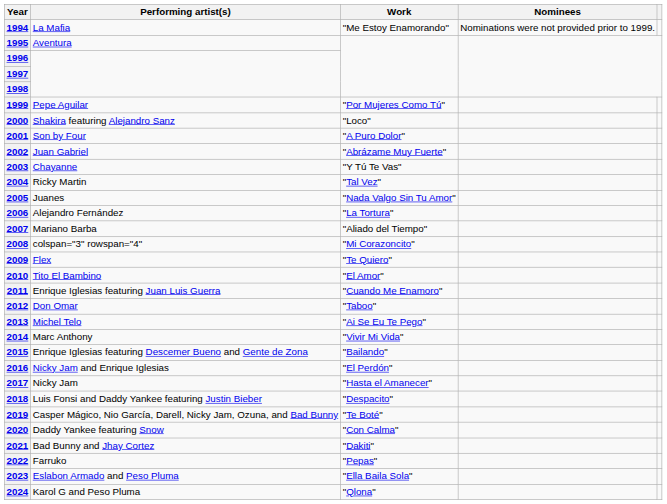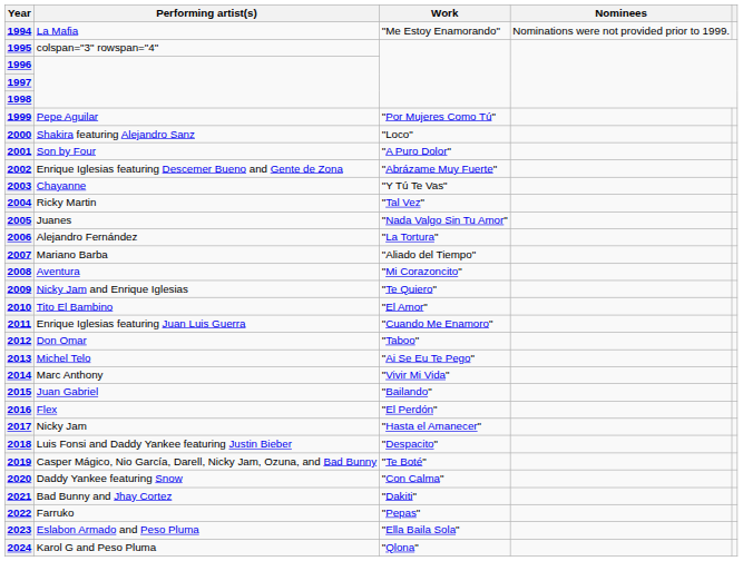 <table class="wikitable">
 <tr>
 <th>Year</th>
 <th>Performing artist(s)</th>
 <th>Work</th>
 <th>Nominees</th>
 <th></th>
 </tr>
 <tr>
 <th scope="row"><a href='#'>1994</a></th>
 <td><a href='#'>La Mafia</a></td>
 <td>"Me Estoy Enamorando"</td>
 <td>Nominations were not provided prior to 1999.</td>
 <td></td>
 </tr>
 <tr>
 <th scope="row"><a href='#'>1995</a></th>
-<td><a href='#'>Aventura</a></td>
+<td>colspan="3" rowspan="4" </td>
 <td rowspan="4"><br><br></td>
 </tr>
 <tr>
 <th scope="row"><a href='#'>1996</a></th>
 </tr>
 <tr>
 <th scope="row"><a href='#'>1997</a></th>
 </tr>
 <tr>
 <th scope="row"><a href='#'>1998</a></th>
 </tr>
 <tr>
 <th scope="row"><a href='#'>1999</a></th>
 <td><a href='#'>Pepe Aguilar</a></td>
 <td>"<a href='#'>Por Mujeres Como Tú</a>"</td>
 <td></td>
 <td></td>
 </tr>
 <tr>
 <th scope="row"><a href='#'>2000</a></th>
 <td><a href='#'>Shakira</a> featuring <a href='#'>Alejandro Sanz</a></td>
 <td>"Loco"</td>
 <td></td>
 <td></td>
 </tr>
 <tr>
 <th scope="row"><a href='#'>2001</a></th>
 <td><a href='#'>Son by Four</a></td>
 <td>"<a href='#'>A Puro Dolor</a>"</td>
 <td></td>
 <td></td>
 </tr>
 <tr>
 <th scope="row"><a href='#'>2002</a></th>
-<td><a href='#'>Juan Gabriel</a></td>
+<td>Enrique Iglesias featuring <a href='#'>Descemer Bueno</a> and <a href='#'>Gente de Zona</a></td>
 <td>"<a href='#'>Abrázame Muy Fuerte</a>"</td>
 <td></td>
 <td></td>
 </tr>
 <tr>
 <th scope="row"><a href='#'>2003</a></th>
 <td><a href='#'>Chayanne</a></td>
 <td>"Y Tú Te Vas"</td>
 <td></td>
 <td><br></td>
 </tr>
 <tr>
 <th scope="row"><a href='#'>2004</a></th>
 <td>Ricky Martin</td>
 <td>"<a href='#'>Tal Vez</a>"</td>
 <td></td>
 <td><br></td>
 </tr>
 <tr>
 <th scope="row"><a href='#'>2005</a></th>
 <td>Juanes</td>
 <td>"<a href='#'>Nada Valgo Sin Tu Amor</a>"</td>
 <td></td>
 <td><br></td>
 </tr>
 <tr>
 <th scope="row"><a href='#'>2006</a></th>
 <td>Alejandro Fernández</td>
 <td>"<a href='#'>La Tortura</a>"</td>
 <td></td>
 <td><br></td>
 </tr>
 <tr>
 <th scope="row"><a href='#'>2007</a></th>
 <td>Mariano Barba</td>
 <td>"Aliado del Tiempo"</td>
 <td></td>
 <td><br></td>
 </tr>
 <tr>
 <th scope="row"><a href='#'>2008</a></th>
-<td>colspan="3" rowspan="4" </td>
+<td><a href='#'>Aventura</a></td>
 <td>"<a href='#'>Mi Corazoncito</a>"</td>
 <td></td>
 <td><br></td>
 </tr>
 <tr>
 <th scope="row"><a href='#'>2009</a></th>
-<td><a href='#'>Flex</a></td>
+<td><a href='#'>Nicky Jam</a> and Enrique Iglesias</td>
 <td>"<a href='#'>Te Quiero</a>"</td>
 <td></td>
 <td><br></td>
 </tr>
 <tr>
 <th scope="row"><a href='#'>2010</a></th>
 <td><a href='#'>Tito El Bambino</a></td>
 <td>"<a href='#'>El Amor</a>"</td>
 <td></td>
 <td></td>
 </tr>
 <tr>
 <th scope="row"><a href='#'>2011</a></th>
 <td>Enrique Iglesias featuring <a href='#'>Juan Luis Guerra</a></td>
 <td>"<a href='#'>Cuando Me Enamoro</a>"</td>
 <td></td>
 <td><br></td>
 </tr>
 <tr>
 <th scope="row"><a href='#'>2012</a></th>
 <td><a href='#'>Don Omar</a></td>
 <td>"<a href='#'>Taboo</a>"</td>
 <td></td>
 <td><br></td>
 </tr>
 <tr>
 <th scope="row"><a href='#'>2013</a></th>
 <td><a href='#'>Michel Telo</a></td>
 <td>"<a href='#'>Ai Se Eu Te Pego</a>"</td>
 <td></td>
 <td></td>
 </tr>
 <tr>
 <th scope="row"><a href='#'>2014</a></th>
 <td>Marc Anthony</td>
 <td>"<a href='#'>Vivir Mi Vida</a>"</td>
 <td></td>
 <td><br></td>
 </tr>
 <tr>
 <th scope="row"><a href='#'>2015</a></th>
-<td>Enrique Iglesias featuring <a href='#'>Descemer Bueno</a> and <a href='#'>Gente de Zona</a></td>
+<td><a href='#'>Juan Gabriel</a></td>
 <td>"<a href='#'>Bailando</a>"</td>
 <td></td>
 <td><br></td>
 </tr>
 <tr>
 <th scope="row"><a href='#'>2016</a></th>
-<td><a href='#'>Nicky Jam</a> and Enrique Iglesias</td>
+<td><a href='#'>Flex</a></td>
 <td>"<a href='#'>El Perdón</a>"</td>
 <td></td>
 <td></td>
 </tr>
 <tr>
 <th scope="row"><a href='#'>2017</a></th>
 <td>Nicky Jam</td>
 <td>"<a href='#'>Hasta el Amanecer</a>"</td>
 <td></td>
 <td></td>
 </tr>
 <tr>
 <th scope="row"><a href='#'>2018</a></th>
 <td>Luis Fonsi and Daddy Yankee featuring <a href='#'>Justin Bieber</a></td>
 <td>"<a href='#'>Despacito</a>"</td>
 <td></td>
 <td></td>
 </tr>
 <tr>
 <th scope="row"><a href='#'>2019</a></th>
 <td>Casper Mágico, Nio García, Darell, Nicky Jam, Ozuna, and <a href='#'>Bad Bunny</a></td>
 <td>"<a href='#'>Te Boté</a>"</td>
 <td></td>
 <td></td>
 </tr>
 <tr>
 <th scope="row"><a href='#'>2020</a></th>
 <td>Daddy Yankee featuring <a href='#'>Snow</a></td>
 <td>"<a href='#'>Con Calma</a>"</td>
 <td></td>
 <td></td>
 </tr>
 <tr>
 <th scope="row"><a href='#'>2021</a></th>
 <td>Bad Bunny and <a href='#'>Jhay Cortez</a></td>
 <td>"<a href='#'>Dakiti</a>"</td>
 <td></td>
 <td><br></td>
 </tr>
 <tr>
 <th scope="row"><a href='#'>2022</a></th>
 <td>Farruko</td>
 <td>"<a href='#'>Pepas</a>"</td>
 <td></td>
 <td></td>
 </tr>
 <tr>
 <th scope="row"><a href='#'>2023</a></th>
 <td><a href='#'>Eslabon Armado</a> and <a href='#'>Peso Pluma</a></td>
 <td>"<a href='#'>Ella Baila Sola</a>"</td>
 <td></td>
 <td></td>
 </tr>
 <tr>
 <th scope="row"><a href='#'>2024</a></th>
 <td>Karol G and Peso Pluma</td>
 <td>"<a href='#'>Qlona</a>"</td>
 <td></td>
 <td><br></td>
 </tr>
 </table>
